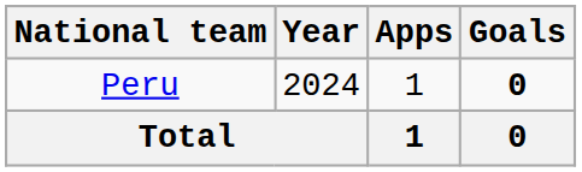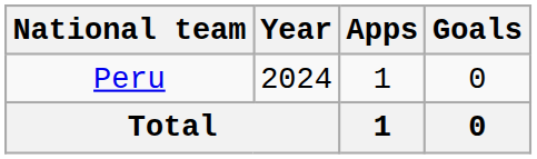 <table class="wikitable" style="text-align:center">
 <tr>
 <th>National team</th>
 <th>Year</th>
 <th>Apps</th>
 <th>Goals</th>
 </tr>
 <tr>
 <td rowspan="1"><a href='#'>Peru</a></td>
 <td>2024</td>
 <td>1</td>
-<td><strong>0</strong></td>
+<td>0</td>
 </tr>
 <tr>
 <th colspan="2">Total</th>
 <th>1</th>
 <th>0</th>
 </tr>
 </table>
